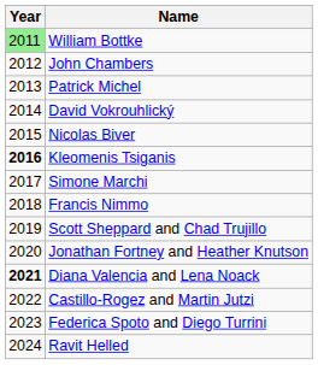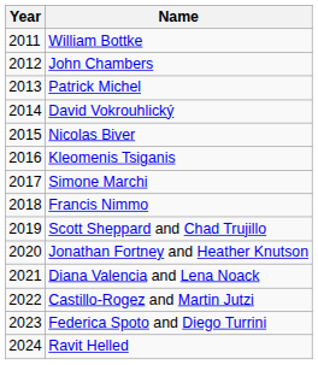 <table class="wikitable" align=center>
 <tr>
 <th>Year</th>
 <th>Name</th>
 </tr>
 <tr>
-<td style="background: lightgreen;">2011</td>
+<td>2011</td>
 <td><a href='#'>William Bottke</a></td>
 </tr>
 <tr>
 <td>2012</td>
 <td><a href='#'>John Chambers</a></td>
 </tr>
 <tr>
 <td>2013</td>
 <td><a href='#'>Patrick Michel</a></td>
 </tr>
 <tr>
 <td>2014</td>
 <td><a href='#'>David Vokrouhlický</a></td>
 </tr>
 <tr>
 <td>2015</td>
 <td><a href='#'>Nicolas Biver</a></td>
 </tr>
 <tr>
-<td><strong>2016</strong></td>
+<td>2016</td>
 <td><a href='#'>Kleomenis Tsiganis</a></td>
 </tr>
 <tr>
 <td>2017</td>
 <td><a href='#'>Simone Marchi</a></td>
 </tr>
 <tr>
 <td>2018</td>
 <td><a href='#'>Francis Nimmo</a></td>
 </tr>
 <tr>
 <td>2019</td>
 <td><a href='#'>Scott Sheppard</a> and <a href='#'>Chad Trujillo</a></td>
 </tr>
 <tr>
 <td>2020</td>
 <td><a href='#'>Jonathan Fortney</a> and <a href='#'>Heather Knutson</a></td>
 </tr>
 <tr>
-<td><strong>2021</strong></td>
+<td>2021</td>
 <td><a href='#'>Diana Valencia</a> and <a href='#'>Lena Noack</a></td>
 </tr>
 <tr>
 <td>2022</td>
 <td><a href='#'>Castillo-Rogez</a> and <a href='#'>Martin Jutzi</a></td>
 </tr>
 <tr>
 <td>2023</td>
 <td><a href='#'>Federica Spoto</a> and <a href='#'>Diego Turrini</a></td>
 </tr>
 <tr>
 <td>2024</td>
 <td><a href='#'>Ravit Helled</a></td>
 </tr>
 </table>
